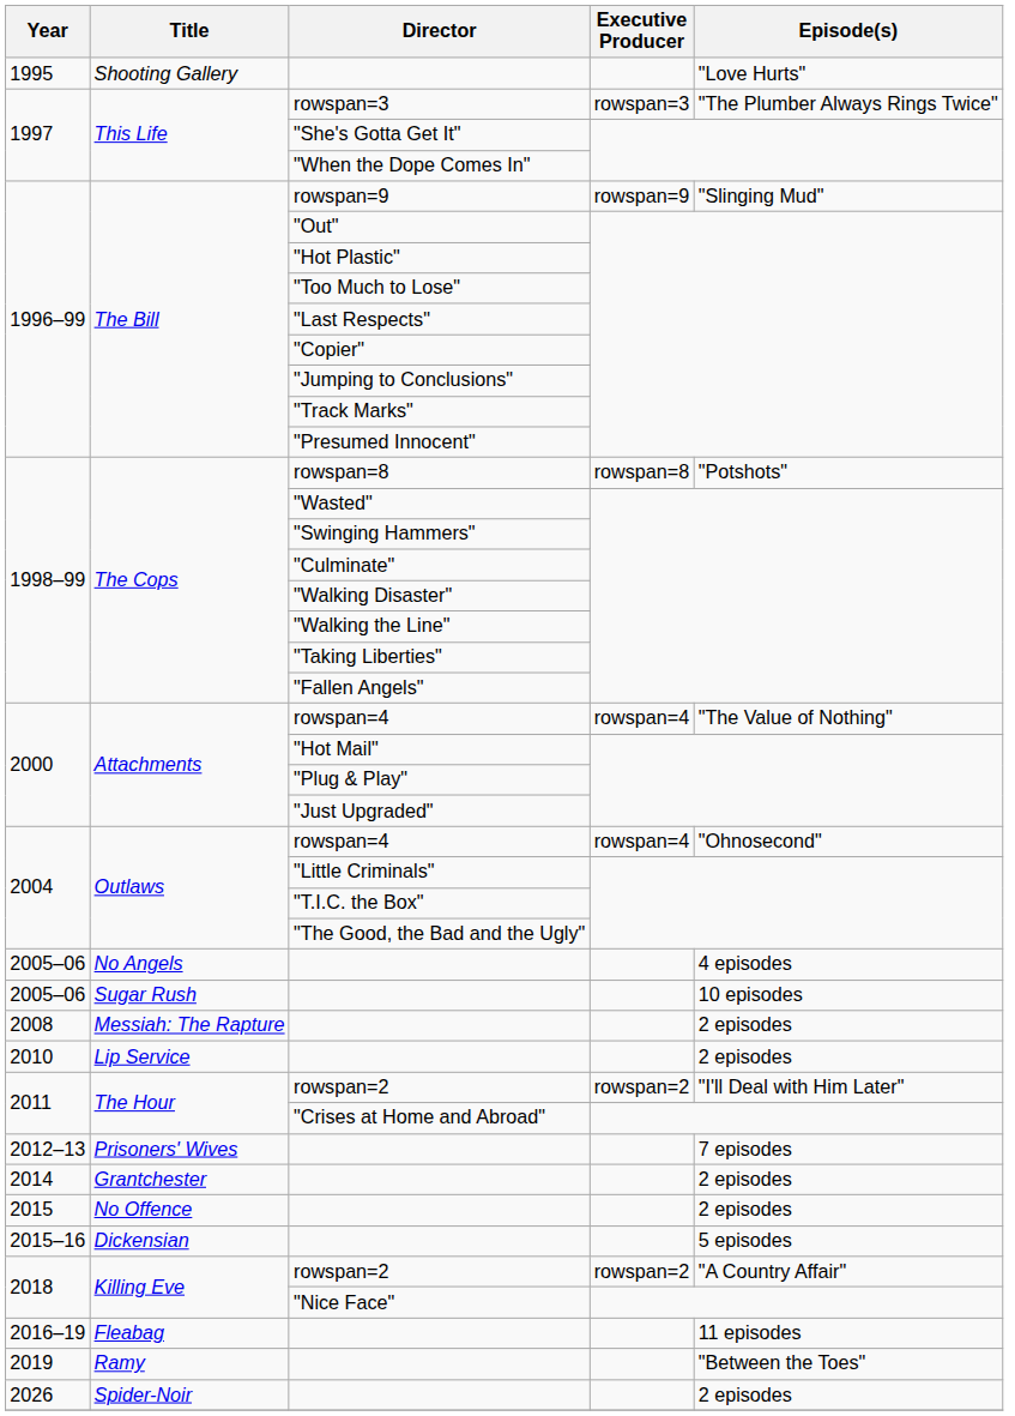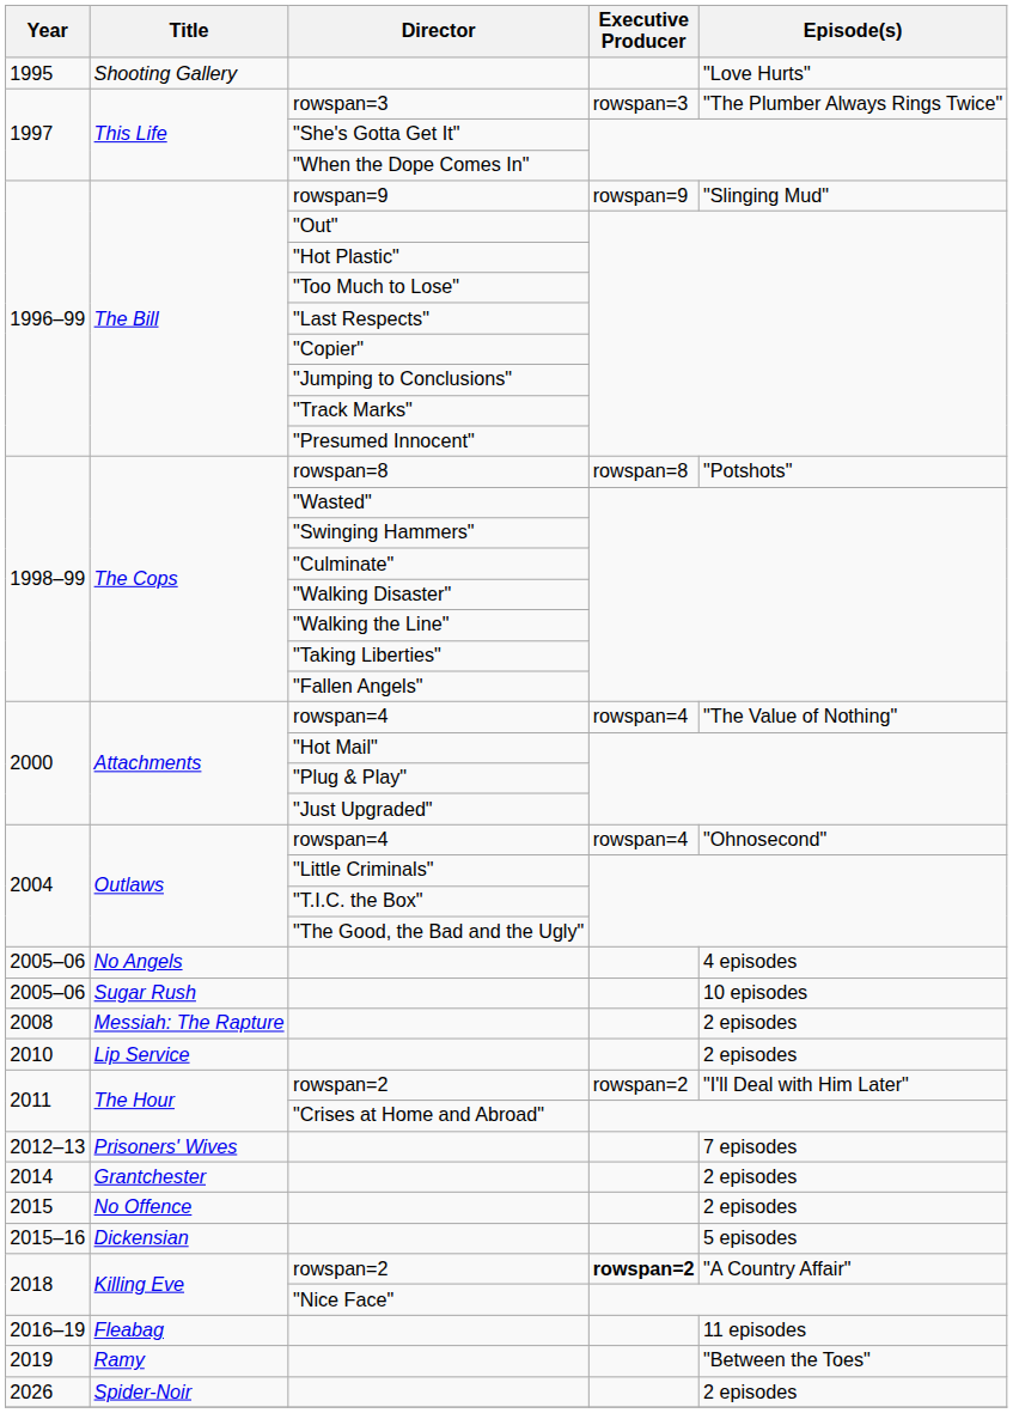 <table class="wikitable">
 <tr>
 <th>Year</th>
 <th>Title</th>
 <th>Director</th>
 <th>Executive<br>Producer</th>
 <th>Episode(s)</th>
 </tr>
 <tr>
 <td>1995</td>
 <td><em>Shooting Gallery</em></td>
 <td></td>
 <td></td>
 <td>"Love Hurts"</td>
 </tr>
 <tr>
 <td rowspan=3>1997</td>
 <td rowspan=3><em><a href='#'>This Life</a></em></td>
 <td>rowspan=3 </td>
 <td>rowspan=3 </td>
 <td>"The Plumber Always Rings Twice"</td>
 </tr>
 <tr>
 <td>"She's Gotta Get It"</td>
 </tr>
 <tr>
 <td>"When the Dope Comes In"</td>
 </tr>
 <tr>
 <td rowspan=9>1996–99</td>
 <td rowspan=9><em><a href='#'>The Bill</a></em></td>
 <td>rowspan=9 </td>
 <td>rowspan=9 </td>
 <td>"Slinging Mud"</td>
 </tr>
 <tr>
 <td>"Out"</td>
 </tr>
 <tr>
 <td>"Hot Plastic"</td>
 </tr>
 <tr>
 <td>"Too Much to Lose"</td>
 </tr>
 <tr>
 <td>"Last Respects"</td>
 </tr>
 <tr>
 <td>"Copier"</td>
 </tr>
 <tr>
 <td>"Jumping to Conclusions"</td>
 </tr>
 <tr>
 <td>"Track Marks"</td>
 </tr>
 <tr>
 <td>"Presumed Innocent"</td>
 </tr>
 <tr>
 <td rowspan=8>1998–99</td>
 <td rowspan=8><em><a href='#'>The Cops</a></em></td>
 <td>rowspan=8 </td>
 <td>rowspan=8 </td>
 <td>"Potshots"</td>
 </tr>
 <tr>
 <td>"Wasted"</td>
 </tr>
 <tr>
 <td>"Swinging Hammers"</td>
 </tr>
 <tr>
 <td>"Culminate"</td>
 </tr>
 <tr>
 <td>"Walking Disaster"</td>
 </tr>
 <tr>
 <td>"Walking the Line"</td>
 </tr>
 <tr>
 <td>"Taking Liberties"</td>
 </tr>
 <tr>
 <td>"Fallen Angels"</td>
 </tr>
 <tr>
 <td rowspan=4>2000</td>
 <td rowspan=4><em><a href='#'>Attachments</a></em></td>
 <td>rowspan=4 </td>
 <td>rowspan=4 </td>
 <td>"The Value of Nothing"</td>
 </tr>
 <tr>
 <td>"Hot Mail"</td>
 </tr>
 <tr>
 <td>"Plug & Play"</td>
 </tr>
 <tr>
 <td>"Just Upgraded"</td>
 </tr>
 <tr>
 <td rowspan=4>2004</td>
 <td rowspan=4><em><a href='#'>Outlaws</a></em></td>
 <td>rowspan=4 </td>
 <td>rowspan=4 </td>
 <td>"Ohnosecond"</td>
 </tr>
 <tr>
 <td>"Little Criminals"</td>
 </tr>
 <tr>
 <td>"T.I.C. the Box"</td>
 </tr>
 <tr>
 <td>"The Good, the Bad and the Ugly"</td>
 </tr>
 <tr>
 <td>2005–06</td>
 <td><em><a href='#'>No Angels</a></em></td>
 <td></td>
 <td></td>
 <td>4 episodes</td>
 </tr>
 <tr>
 <td>2005–06</td>
 <td><em><a href='#'>Sugar Rush</a></em></td>
 <td></td>
 <td></td>
 <td>10 episodes</td>
 </tr>
 <tr>
 <td>2008</td>
 <td><em><a href='#'>Messiah: The Rapture</a></em></td>
 <td></td>
 <td></td>
 <td>2 episodes</td>
 </tr>
 <tr>
 <td>2010</td>
 <td><em><a href='#'>Lip Service</a></em></td>
 <td></td>
 <td></td>
 <td>2 episodes</td>
 </tr>
 <tr>
 <td rowspan=2>2011</td>
 <td rowspan=2><em><a href='#'>The Hour</a></em></td>
 <td>rowspan=2 </td>
 <td>rowspan=2 </td>
 <td>"I'll Deal with Him Later"</td>
 </tr>
 <tr>
 <td>"Crises at Home and Abroad"</td>
 </tr>
 <tr>
 <td>2012–13</td>
 <td><em><a href='#'>Prisoners' Wives</a></em></td>
 <td></td>
 <td></td>
 <td>7 episodes</td>
 </tr>
 <tr>
 <td>2014</td>
 <td><em><a href='#'>Grantchester</a></em></td>
 <td></td>
 <td></td>
 <td>2 episodes</td>
 </tr>
 <tr>
 <td>2015</td>
 <td><em><a href='#'>No Offence</a></em></td>
 <td></td>
 <td></td>
 <td>2 episodes</td>
 </tr>
 <tr>
 <td>2015–16</td>
 <td><em><a href='#'>Dickensian</a></em></td>
 <td></td>
 <td></td>
 <td>5 episodes</td>
 </tr>
 <tr>
 <td rowspan=2>2018</td>
 <td rowspan=2><em><a href='#'>Killing Eve</a></em></td>
 <td>rowspan=2 </td>
-<td>rowspan=2 </td>
+<td><strong>rowspan=2 </strong></td>
 <td>"A Country Affair"</td>
 </tr>
 <tr>
 <td>"Nice Face"</td>
 </tr>
 <tr>
 <td>2016–19</td>
 <td><em><a href='#'>Fleabag</a></em></td>
 <td></td>
 <td></td>
 <td>11 episodes</td>
 </tr>
 <tr>
 <td>2019</td>
 <td><em><a href='#'>Ramy</a></em></td>
 <td></td>
 <td></td>
 <td>"Between the Toes"</td>
 </tr>
 <tr>
 <td>2026</td>
 <td><em><a href='#'>Spider-Noir</a></em></td>
 <td></td>
 <td></td>
 <td>2 episodes</td>
 </tr>
 <tr>
 </tr>
 </table>
